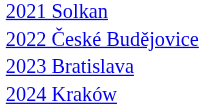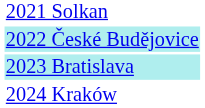 <table>
 <tr>
 <td><a href='#'>2021 Solkan</a></td>
 <td></td>
 <td></td>
 <td></td>
 </tr>
 <tr>
-<td><a href='#'>2022 České Budějovice</a></td>
+<td style="background: paleturquoise;"><a href='#'>2022 České Budějovice</a></td>
 <td></td>
 <td></td>
 <td></td>
 </tr>
 <tr>
-<td><a href='#'>2023 Bratislava</a></td>
+<td style="background: paleturquoise;"><a href='#'>2023 Bratislava</a></td>
 <td></td>
 <td></td>
 <td></td>
 </tr>
 <tr>
 <td><a href='#'>2024 Kraków</a></td>
 <td></td>
 <td></td>
 <td></td>
 </tr>
 </table>
